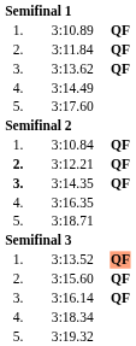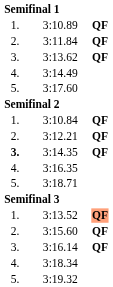 <table style="text-align:center">
 <tr>
 <td colspan=4 align=left><strong>Semifinal 1</strong></td>
 </tr>
 <tr>
 <td width=30>1.</td>
 <td align=left></td>
 <td width=80>3:10.89</td>
 <td><strong>QF</strong></td>
 </tr>
 <tr>
 <td>2.</td>
 <td align=left></td>
 <td>3:11.84</td>
 <td><strong>QF</strong></td>
 </tr>
 <tr>
 <td>3.</td>
 <td align=left></td>
 <td>3:13.62</td>
 <td><strong>QF</strong></td>
 </tr>
 <tr>
 <td>4.</td>
 <td align=left></td>
 <td>3:14.49</td>
 <td></td>
 </tr>
 <tr>
 <td>5.</td>
 <td align=left></td>
 <td>3:17.60</td>
 <td></td>
 </tr>
 <tr>
 <td colspan=4 align=left><strong>Semifinal 2</strong></td>
 </tr>
 <tr>
 <td>1.</td>
 <td align=left></td>
 <td>3:10.84</td>
 <td><strong>QF</strong></td>
 </tr>
 <tr>
-<td><strong>2.</strong></td>
+<td>2.</td>
 <td align=left></td>
 <td>3:12.21</td>
 <td><strong>QF</strong></td>
 </tr>
 <tr>
 <td><strong>3.</strong></td>
 <td align=left></td>
 <td>3:14.35</td>
 <td><strong>QF</strong></td>
 </tr>
 <tr>
 <td>4.</td>
 <td align=left></td>
 <td>3:16.35</td>
 <td></td>
 </tr>
 <tr>
 <td>5.</td>
 <td align=left></td>
 <td>3:18.71</td>
 <td></td>
 </tr>
 <tr>
 <td colspan=4 align=left><strong>Semifinal 3</strong></td>
 </tr>
 <tr>
 <td>1.</td>
 <td align=left></td>
 <td>3:13.52</td>
 <td style="background: lightsalmon;"><strong>QF</strong></td>
 </tr>
 <tr>
 <td>2.</td>
 <td align=left></td>
 <td>3:15.60</td>
 <td><strong>QF</strong></td>
 </tr>
 <tr>
 <td>3.</td>
 <td align=left></td>
 <td>3:16.14</td>
 <td><strong>QF</strong></td>
 </tr>
 <tr>
 <td>4.</td>
 <td align=left></td>
 <td>3:18.34</td>
 <td></td>
 </tr>
 <tr>
 <td>5.</td>
 <td align=left></td>
 <td>3:19.32</td>
 <td></td>
 </tr>
 </table>
